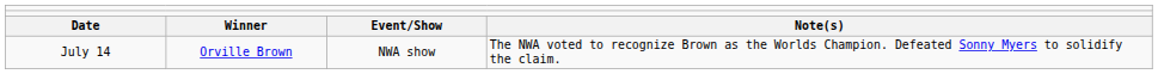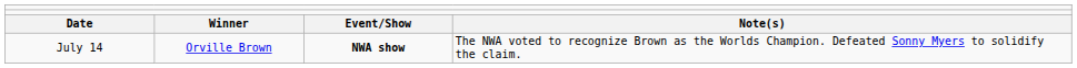 <table class="wikitable" style="text-align:center; width:100%;">
 <tr>
 <td colspan="5"></td>
 </tr>
 <tr>
 <td colspan="5"><strong></strong></td>
 </tr>
 <tr>
 <th width=14%>Date</th>
 <th width=14%>Winner</th>
 <th width=14%>Event/Show</th>
 <th width=58%>Note(s)</th>
 </tr>
 <tr>
 <td>July 14</td>
 <td><a href='#'>Orville Brown</a></td>
-<td>NWA show</td>
+<td><strong>NWA show</strong></td>
 <td align=left>The NWA voted to recognize Brown as the Worlds Champion. Defeated <a href='#'>Sonny Myers</a> to solidify the claim.</td>
 </tr>
 </table>
